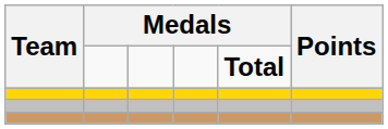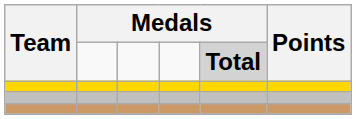 <table class="wikitable" style="text-align:center;">
 <tr>
 <th rowspan=2>Team</th>
 <th colspan=4>Medals</th>
 <th rowspan=2>Points</th>
 </tr>
 <tr>
 <td width=20px></td>
 <td width=20px></td>
 <td width=20px></td>
-<td><strong>Total</strong></td>
+<td style="background: lightgrey;"><strong>Total</strong></td>
 </tr>
 <tr bgcolor=gold>
 <td align=left></td>
 <td></td>
 <td></td>
 <td></td>
 <td></td>
 <td></td>
 </tr>
 <tr bgcolor=silver>
 <td align=left></td>
 <td></td>
 <td></td>
 <td></td>
 <td></td>
 <td></td>
 </tr>
 <tr bgcolor="CC9966">
 <td align=left></td>
 <td></td>
 <td></td>
 <td></td>
 <td></td>
 <td></td>
 </tr>
 <tr>
 </tr>
 </table>
